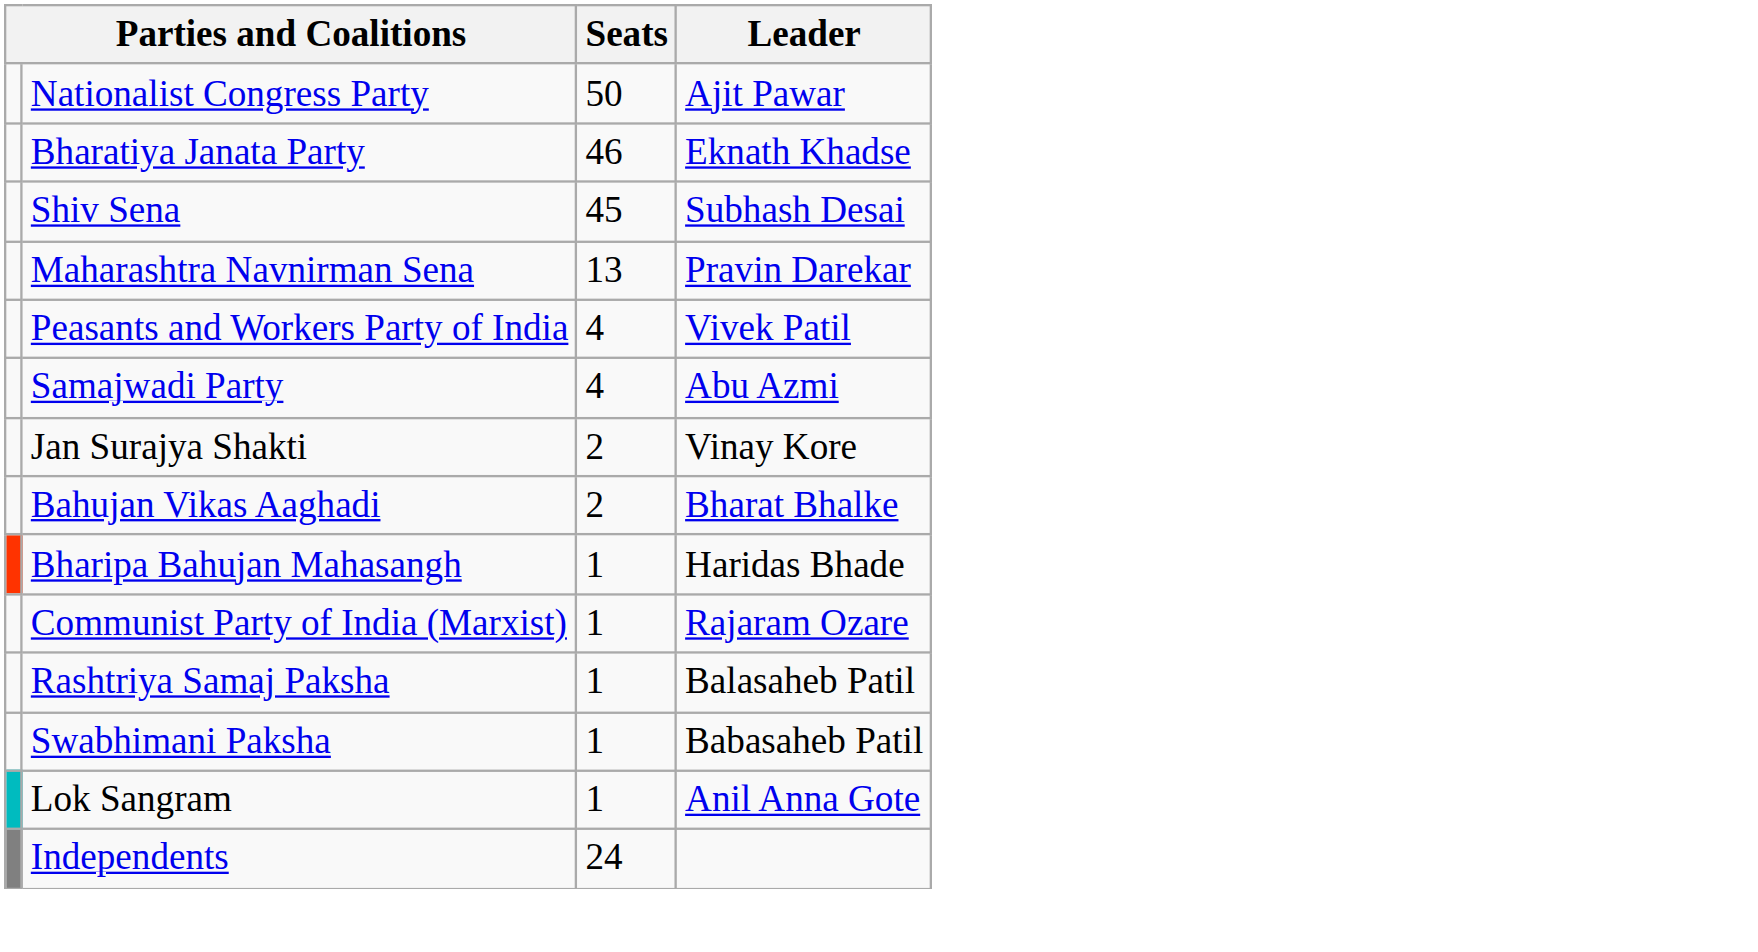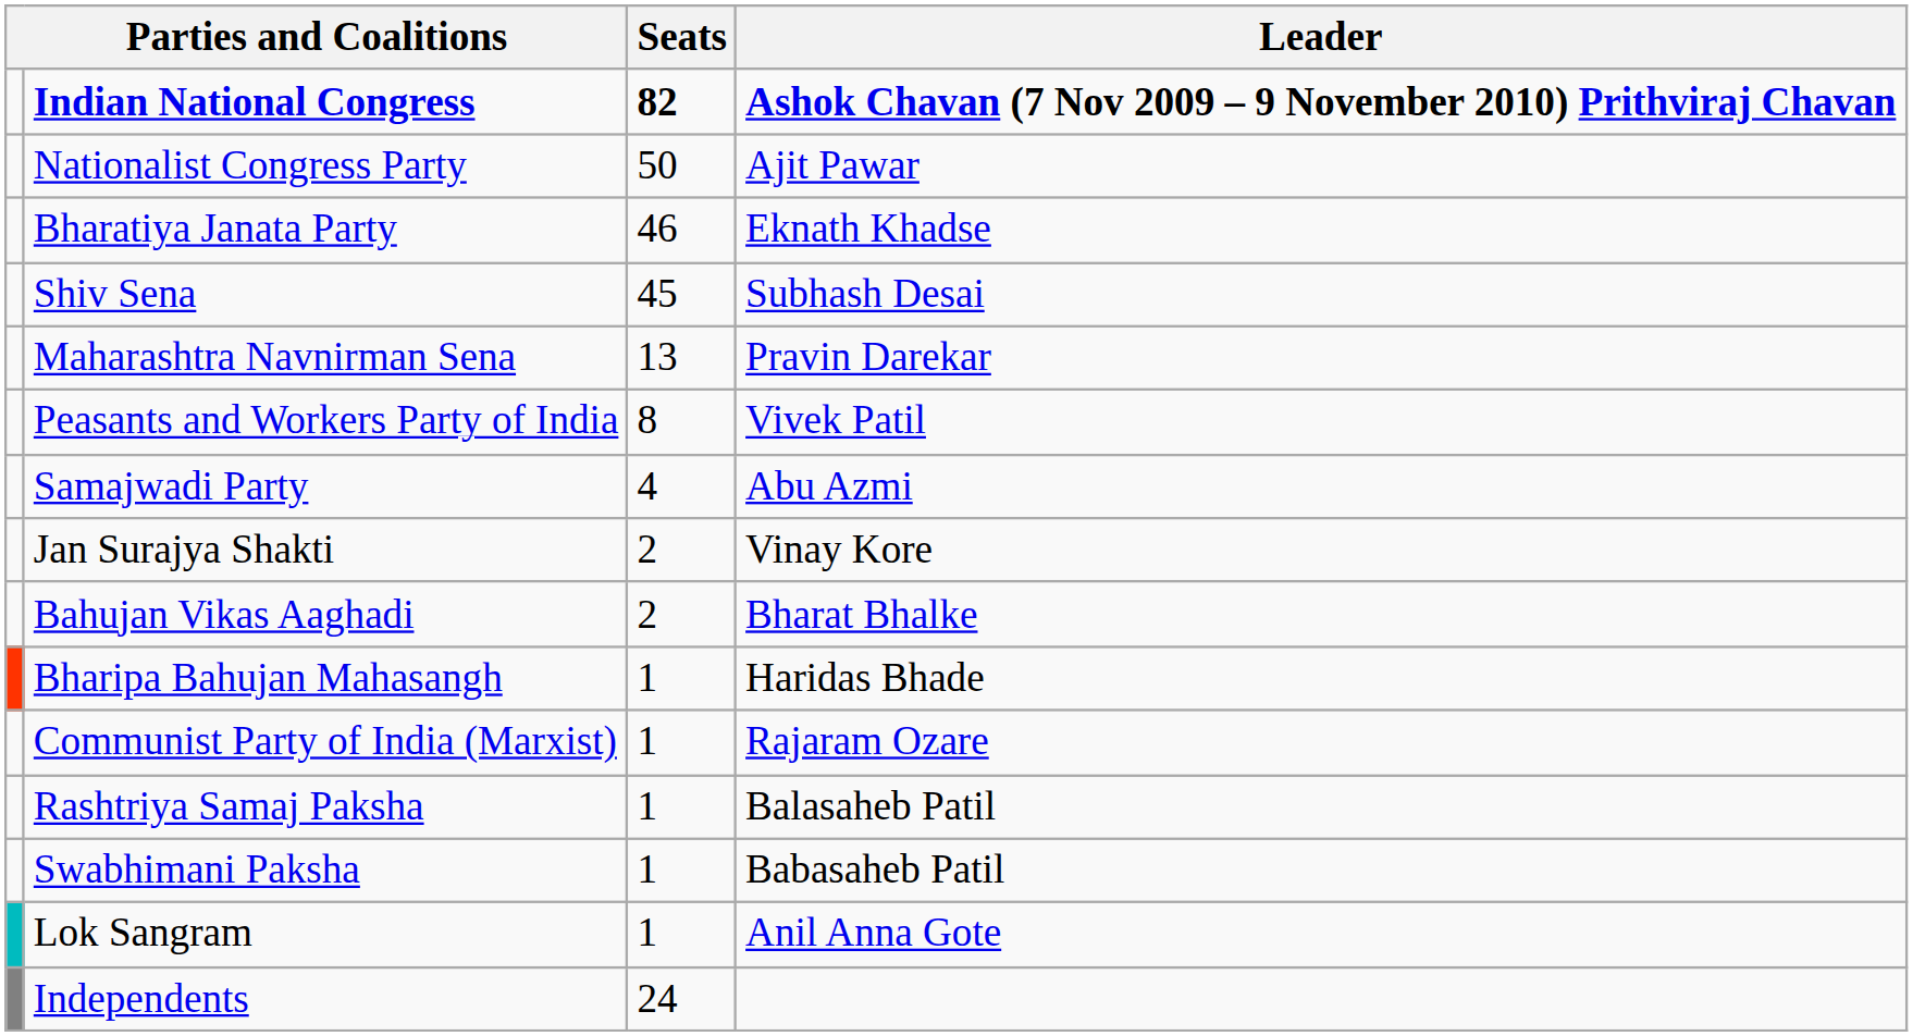 <table class="wikitable sortable">
 <tr>
 <th colspan="2" width="150">Parties and Coalitions</th>
 <th>Seats</th>
 <th>Leader</th>
+</tr>
+<tr>
+<td style="background-color: "></td>
+<td><strong><a href='#'>Indian National Congress</a></strong></td>
+<td><strong>82</strong></td>
+<td><strong><a href='#'>Ashok Chavan</a> (7 Nov 2009 – 9 November 2010) <a href='#'>Prithviraj Chavan</a></strong></td>
 </tr>
 <tr>
 <td style="background-color: "></td>
 <td><a href='#'>Nationalist Congress Party</a></td>
 <td>50</td>
 <td><a href='#'>Ajit Pawar</a></td>
 </tr>
 <tr>
 <td style="background-color:"></td>
 <td><a href='#'>Bharatiya Janata Party</a></td>
 <td>46</td>
 <td><a href='#'>Eknath Khadse</a></td>
 </tr>
 <tr>
 <td style="background-color: "></td>
 <td><a href='#'>Shiv Sena</a></td>
 <td>45</td>
 <td><a href='#'>Subhash Desai</a></td>
 </tr>
 <tr>
 <td style="background-color: "></td>
 <td><a href='#'>Maharashtra Navnirman Sena</a></td>
 <td>13</td>
 <td><a href='#'>Pravin Darekar</a></td>
 </tr>
 <tr>
 <td style="background-color: "></td>
 <td><a href='#'>Peasants and Workers Party of India</a></td>
-<td>4</td>
+<td>8</td>
 <td><a href='#'>Vivek Patil</a></td>
 </tr>
 <tr>
 <td style="background-color: "></td>
 <td><a href='#'>Samajwadi Party</a></td>
 <td>4</td>
 <td><a href='#'>Abu Azmi</a></td>
 </tr>
 <tr>
 <td style="background-color: "></td>
 <td>Jan Surajya Shakti</td>
 <td>2</td>
 <td>Vinay Kore</td>
 </tr>
 <tr>
 <td style="background-color: "></td>
 <td><a href='#'>Bahujan Vikas Aaghadi</a></td>
 <td>2</td>
 <td><a href='#'>Bharat Bhalke</a></td>
 </tr>
 <tr>
 <td style="color:inherit;background:#FF3300"></td>
 <td><a href='#'>Bharipa Bahujan Mahasangh</a></td>
 <td>1</td>
 <td>Haridas Bhade</td>
 </tr>
 <tr>
 <td style="background-color: "></td>
 <td><a href='#'>Communist Party of India (Marxist)</a></td>
 <td>1</td>
 <td><a href='#'>Rajaram Ozare</a></td>
 </tr>
 <tr>
 <td style="background-color: "></td>
 <td><a href='#'>Rashtriya Samaj Paksha</a></td>
 <td>1</td>
 <td>Balasaheb Patil</td>
 </tr>
 <tr>
 <td style="background-color: "></td>
 <td><a href='#'>Swabhimani Paksha</a></td>
 <td>1</td>
 <td>Babasaheb Patil</td>
 </tr>
 <tr>
 <td style="color:inherit;background:#00BBBF"></td>
 <td>Lok Sangram</td>
 <td>1</td>
 <td><a href='#'>Anil Anna Gote</a></td>
 </tr>
 <tr>
 <td style="background-color:grey"></td>
 <td><a href='#'>Independents</a></td>
 <td>24</td>
 <td></td>
 </tr>
 </table>
